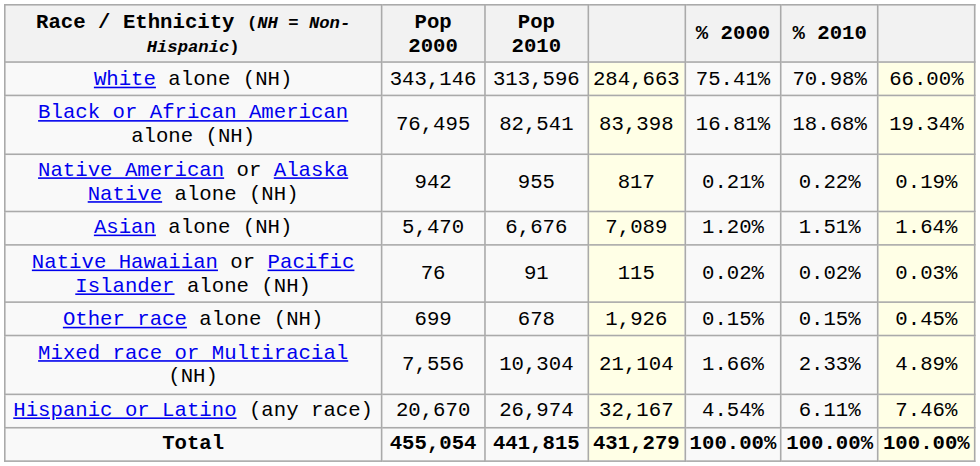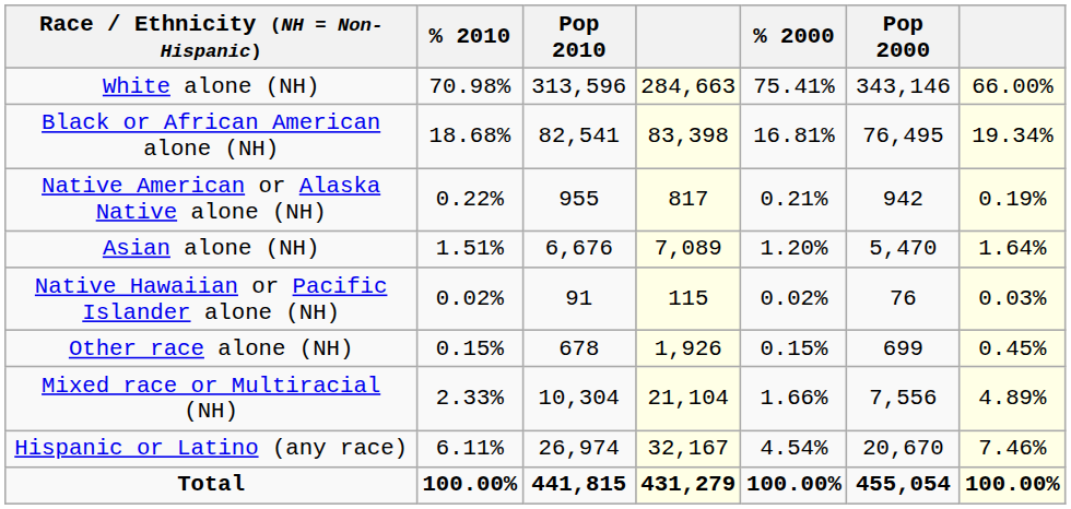 <table class="wikitable" style="text-align:center;">
 <tr>
 <th>Race / Ethnicity <small>(<em>NH = Non-Hispanic</em>)</small></th>
-<th>Pop 2000</th>
+<th>% 2010</th>
 <th>Pop 2010</th>
 <th></th>
 <th>% 2000</th>
-<th>% 2010</th>
+<th>Pop 2000</th>
 <th></th>
 </tr>
 <tr>
 <td><a href='#'>White</a> alone (NH)</td>
-<td>343,146</td>
+<td>70.98%</td>
 <td>313,596</td>
 <td style='background: #ffffe6;'>284,663</td>
 <td>75.41%</td>
-<td>70.98%</td>
+<td>343,146</td>
 <td style='background: #ffffe6;'>66.00%</td>
 </tr>
 <tr>
 <td><a href='#'>Black or African American</a> alone (NH)</td>
-<td>76,495</td>
+<td>18.68%</td>
 <td>82,541</td>
 <td style='background: #ffffe6;'>83,398</td>
 <td>16.81%</td>
-<td>18.68%</td>
+<td>76,495</td>
 <td style='background: #ffffe6;'>19.34%</td>
 </tr>
 <tr>
 <td><a href='#'>Native American</a> or <a href='#'>Alaska Native</a> alone (NH)</td>
-<td>942</td>
+<td>0.22%</td>
 <td>955</td>
 <td style='background: #ffffe6;'>817</td>
 <td>0.21%</td>
-<td>0.22%</td>
+<td>942</td>
 <td style='background: #ffffe6;'>0.19%</td>
 </tr>
 <tr>
 <td><a href='#'>Asian</a> alone (NH)</td>
-<td>5,470</td>
+<td>1.51%</td>
 <td>6,676</td>
 <td style='background: #ffffe6;'>7,089</td>
 <td>1.20%</td>
-<td>1.51%</td>
+<td>5,470</td>
 <td style='background: #ffffe6;'>1.64%</td>
 </tr>
 <tr>
 <td><a href='#'>Native Hawaiian</a> or <a href='#'>Pacific Islander</a> alone (NH)</td>
-<td>76</td>
+<td>0.02%</td>
 <td>91</td>
 <td style='background: #ffffe6;'>115</td>
 <td>0.02%</td>
-<td>0.02%</td>
+<td>76</td>
 <td style='background: #ffffe6;'>0.03%</td>
 </tr>
 <tr>
 <td><a href='#'>Other race</a> alone (NH)</td>
-<td>699</td>
+<td>0.15%</td>
 <td>678</td>
 <td style='background: #ffffe6;'>1,926</td>
 <td>0.15%</td>
-<td>0.15%</td>
+<td>699</td>
 <td style='background: #ffffe6;'>0.45%</td>
 </tr>
 <tr>
 <td><a href='#'>Mixed race or Multiracial</a> (NH)</td>
-<td>7,556</td>
+<td>2.33%</td>
 <td>10,304</td>
 <td style='background: #ffffe6;'>21,104</td>
 <td>1.66%</td>
-<td>2.33%</td>
+<td>7,556</td>
 <td style='background: #ffffe6;'>4.89%</td>
 </tr>
 <tr>
 <td><a href='#'>Hispanic or Latino</a> (any race)</td>
-<td>20,670</td>
+<td>6.11%</td>
 <td>26,974</td>
 <td style='background: #ffffe6;'>32,167</td>
 <td>4.54%</td>
-<td>6.11%</td>
+<td>20,670</td>
 <td style='background: #ffffe6;'>7.46%</td>
 </tr>
 <tr>
 <td><strong>Total</strong></td>
-<td><strong>455,054</strong></td>
+<td><strong>100.00%</strong></td>
 <td><strong>441,815</strong></td>
 <td style='background: #ffffe6;'><strong>431,279</strong></td>
 <td><strong>100.00%</strong></td>
-<td><strong>100.00%</strong></td>
+<td><strong>455,054</strong></td>
 <td style='background: #ffffe6;'><strong>100.00%</strong></td>
 </tr>
 </table>
